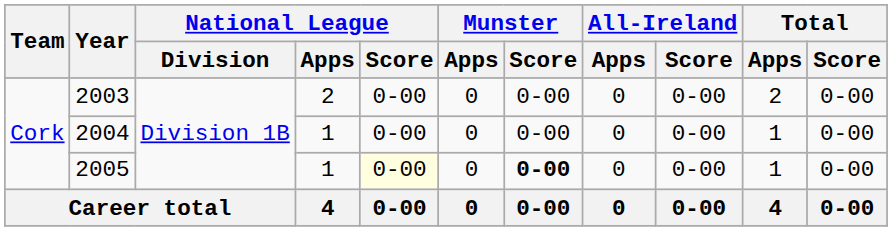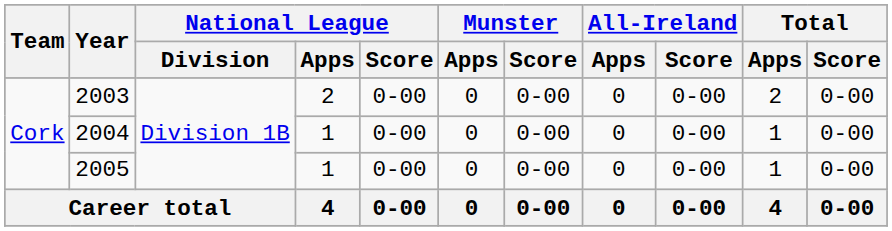 <table class="wikitable" style="text-align:center">
 <tr>
 <th rowspan="2">Team</th>
 <th rowspan="2">Year</th>
 <th colspan="3"><a href='#'>National League</a></th>
 <th colspan="2"><a href='#'>Munster</a></th>
 <th colspan="2"><a href='#'>All-Ireland</a></th>
 <th colspan="2">Total</th>
 </tr>
 <tr>
 <th>Division</th>
 <th>Apps</th>
 <th>Score</th>
 <th>Apps</th>
 <th>Score</th>
 <th>Apps</th>
 <th>Score</th>
 <th>Apps</th>
 <th>Score</th>
 </tr>
 <tr>
 <td rowspan="3"><a href='#'>Cork</a></td>
 <td>2003</td>
 <td rowspan="3"><a href='#'>Division 1B</a></td>
 <td>2</td>
 <td>0-00</td>
 <td>0</td>
 <td>0-00</td>
 <td>0</td>
 <td>0-00</td>
 <td>2</td>
 <td>0-00</td>
 </tr>
 <tr>
 <td>2004</td>
 <td>1</td>
 <td>0-00</td>
 <td>0</td>
 <td>0-00</td>
 <td>0</td>
 <td>0-00</td>
 <td>1</td>
 <td>0-00</td>
 </tr>
 <tr>
 <td>2005</td>
 <td>1</td>
-<td style="background: lightyellow;">0-00</td>
+<td>0-00</td>
 <td>0</td>
-<td><strong>0-00</strong></td>
+<td>0-00</td>
 <td>0</td>
 <td>0-00</td>
 <td>1</td>
 <td>0-00</td>
 </tr>
 <tr>
 <th colspan="3">Career total</th>
 <th>4</th>
 <th>0-00</th>
 <th>0</th>
 <th>0-00</th>
 <th>0</th>
 <th>0-00</th>
 <th>4</th>
 <th>0-00</th>
 </tr>
 </table>
